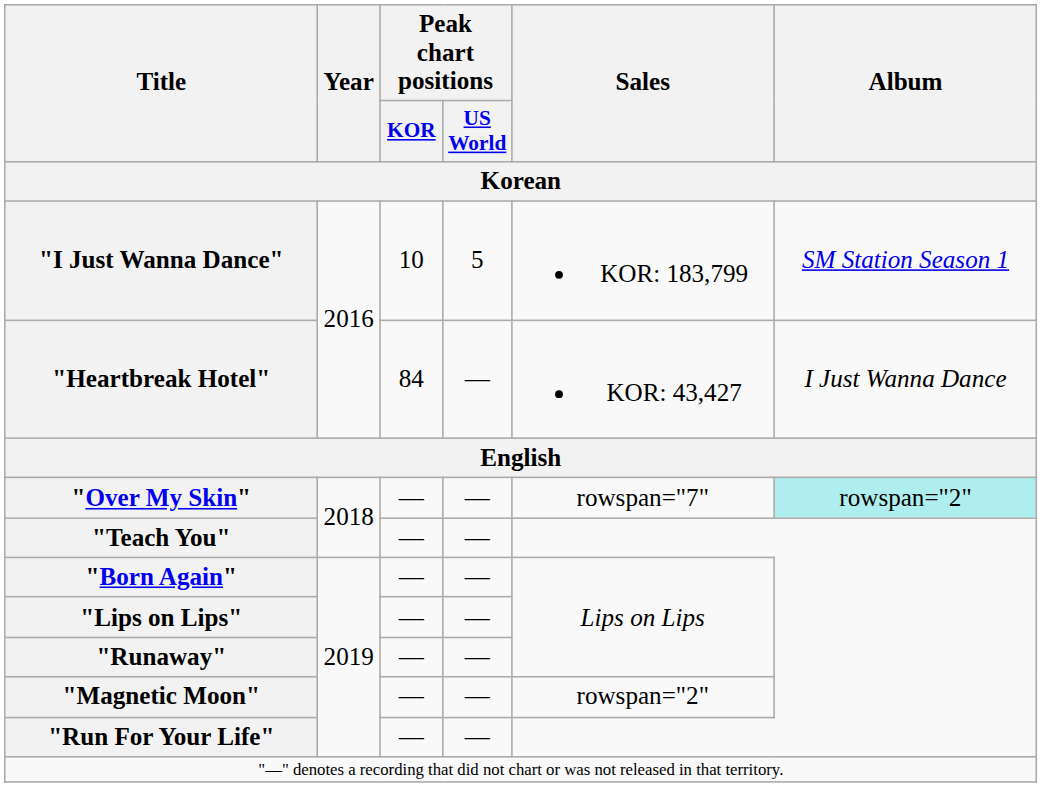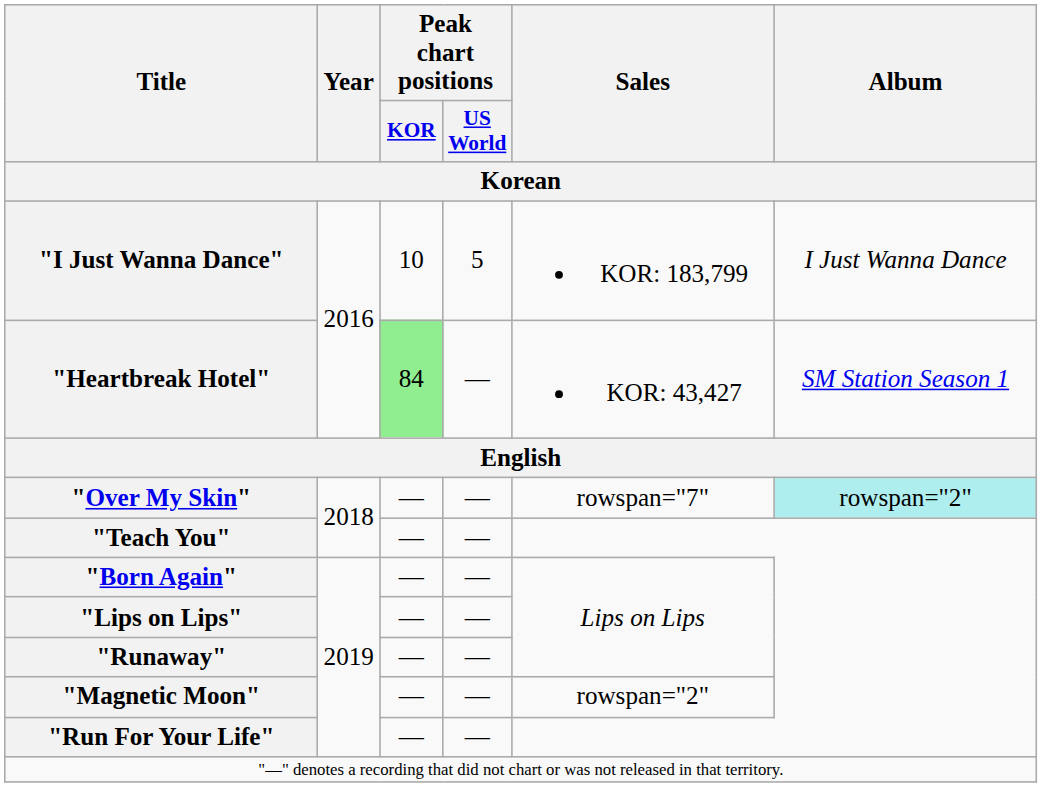 <table class="wikitable plainrowheaders" style="text-align:center;">
 <tr>
 <th rowspan="2" style="width:12em;">Title</th>
 <th rowspan="2" style="width:2em;">Year</th>
 <th colspan="2">Peak<br>chart<br>positions</th>
 <th rowspan="2" style="width:10em;">Sales</th>
 <th rowspan="2" style="width:10em;">Album</th>
 </tr>
 <tr>
 <th scope="col" style="width:2.5em;font-size:85%;"><a href='#'>KOR</a><br></th>
 <th scope="col" style="width:1em;font-size:85%;"><a href='#'>US World</a><br></th>
 </tr>
 <tr>
 <th colspan="6">Korean</th>
 </tr>
 <tr>
 <th scope=row>"I Just Wanna Dance"</th>
 <td rowspan="2">2016</td>
 <td>10</td>
 <td>5</td>
 <td><br><ul><li>KOR: 183,799</li></ul></td>
-<td><em><a href='#'>SM Station Season 1</a></em></td>
+<td><em>I Just Wanna Dance</em></td>
 </tr>
 <tr>
 <th scope=row>"Heartbreak Hotel"<br></th>
-<td>84</td>
+<td style="background: lightgreen;">84</td>
 <td>—</td>
 <td><br><ul><li>KOR: 43,427</li></ul></td>
-<td><em>I Just Wanna Dance</em></td>
+<td><em><a href='#'>SM Station Season 1</a></em></td>
 </tr>
 <tr>
 <th colspan="6">English</th>
 </tr>
 <tr>
 <th scope=row>"<a href='#'>Over My Skin</a>"</th>
 <td rowspan="2">2018</td>
 <td>—</td>
 <td>—</td>
 <td>rowspan="7" </td>
 <td style="background: paleturquoise;">rowspan="2" </td>
 </tr>
 <tr>
 <th scope=row>"Teach You"</th>
 <td>—</td>
 <td>—</td>
 </tr>
 <tr>
 <th scope=row>"<a href='#'>Born Again</a>"</th>
 <td rowspan="5">2019</td>
 <td>—</td>
 <td>—</td>
 <td rowspan="3"><em>Lips on Lips</em></td>
 </tr>
 <tr>
 <th scope=row>"Lips on Lips"</th>
 <td>—</td>
 <td>—</td>
 </tr>
 <tr>
 <th scope=row>"Runaway"<br></th>
 <td>—</td>
 <td>—</td>
 </tr>
 <tr>
 <th scope=row>"Magnetic Moon"</th>
 <td>—</td>
 <td>—</td>
 <td>rowspan="2" </td>
 </tr>
 <tr>
 <th scope=row>"Run For Your Life"</th>
 <td>—</td>
 <td>—</td>
 </tr>
 <tr>
 <td colspan="6" style="font-size:8pt">"—" denotes a recording that did not chart or was not released in that territory.</td>
 </tr>
 </table>
